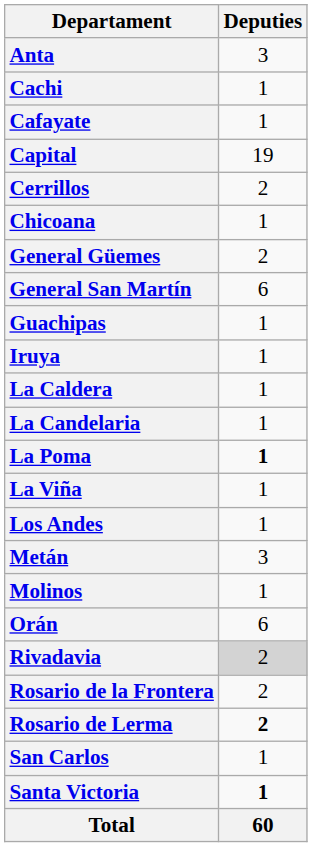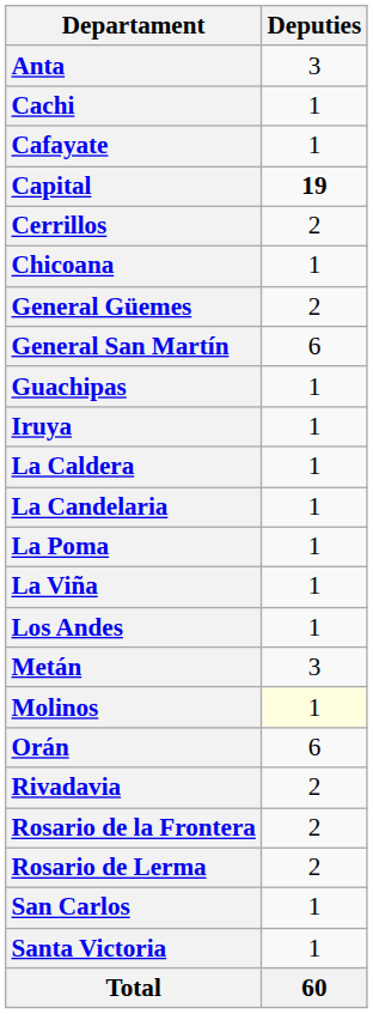 <table class="wikitable sortable" style="text-align:center;">
 <tr>
 <th>Departament</th>
 <th>Deputies</th>
 </tr>
 <tr>
 <th style="text-align:left;"><a href='#'>Anta</a></th>
 <td>3</td>
 </tr>
 <tr>
 <th style="text-align:left;"><a href='#'>Cachi</a></th>
 <td>1</td>
 </tr>
 <tr>
 <th style="text-align:left;"><a href='#'>Cafayate</a></th>
 <td>1</td>
 </tr>
 <tr>
 <th style="text-align:left;"><a href='#'>Capital</a></th>
-<td>19</td>
+<td><strong>19</strong></td>
 </tr>
 <tr>
 <th style="text-align:left;"><a href='#'>Cerrillos</a></th>
 <td>2</td>
 </tr>
 <tr>
 <th style="text-align:left;"><a href='#'>Chicoana</a></th>
 <td>1</td>
 </tr>
 <tr>
 <th style="text-align:left;"><a href='#'>General Güemes</a></th>
 <td>2</td>
 </tr>
 <tr>
 <th style="text-align:left;"><a href='#'>General San Martín</a></th>
 <td>6</td>
 </tr>
 <tr>
 <th style="text-align:left;"><a href='#'>Guachipas</a></th>
 <td>1</td>
 </tr>
 <tr>
 <th style="text-align:left;"><a href='#'>Iruya</a></th>
 <td>1</td>
 </tr>
 <tr>
 <th style="text-align:left;"><a href='#'>La Caldera</a></th>
 <td>1</td>
 </tr>
 <tr>
 <th style="text-align:left;"><a href='#'>La Candelaria</a></th>
 <td>1</td>
 </tr>
 <tr>
 <th style="text-align:left;"><a href='#'>La Poma</a></th>
-<td><strong>1</strong></td>
+<td>1</td>
 </tr>
 <tr>
 <th style="text-align:left;"><a href='#'>La Viña</a></th>
 <td>1</td>
 </tr>
 <tr>
 <th style="text-align:left;"><a href='#'>Los Andes</a></th>
 <td>1</td>
 </tr>
 <tr>
 <th style="text-align:left;"><a href='#'>Metán</a></th>
 <td>3</td>
 </tr>
 <tr>
 <th style="text-align:left;"><a href='#'>Molinos</a></th>
-<td>1</td>
+<td style="background: lightyellow;">1</td>
 </tr>
 <tr>
 <th style="text-align:left;"><a href='#'>Orán</a></th>
 <td>6</td>
 </tr>
 <tr>
 <th style="text-align:left;"><a href='#'>Rivadavia</a></th>
-<td style="background: lightgrey;">2</td>
+<td>2</td>
 </tr>
 <tr>
 <th style="text-align:left;"><a href='#'>Rosario de la Frontera</a></th>
 <td>2</td>
 </tr>
 <tr>
 <th style="text-align:left;"><a href='#'>Rosario de Lerma</a></th>
-<td><strong>2</strong></td>
+<td>2</td>
 </tr>
 <tr>
 <th style="text-align:left;"><a href='#'>San Carlos</a></th>
 <td>1</td>
 </tr>
 <tr>
 <th style="text-align:left;"><a href='#'>Santa Victoria</a></th>
-<td><strong>1</strong></td>
+<td>1</td>
 </tr>
 <tr>
 <th>Total</th>
 <th>60</th>
 </tr>
 </table>
